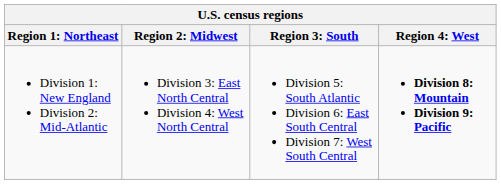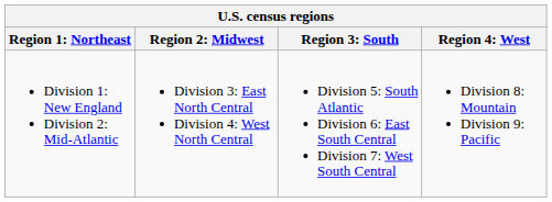 <table class="wikitable">
 <tr>
 <th colspan="4">U.S. census regions</th>
 </tr>
 <tr>
 <th valign="top">Region 1: <a href='#'>Northeast</a></th>
 <th valign="top">Region 2: <a href='#'>Midwest</a></th>
 <th valign="top">Region 3: <a href='#'>South</a></th>
 <th valign="top">Region 4: <a href='#'>West</a></th>
 </tr>
 <tr>
 <td valign="top"><br><ul><li>Division 1: <a href='#'>New England</a></li><li>Division 2: <a href='#'>Mid-Atlantic</a></li></ul></td>
 <td valign="top"><br><ul><li>Division 3: <a href='#'>East North Central</a></li><li>Division 4: <a href='#'>West North Central</a></li></ul></td>
 <td valign="top"><br><ul><li>Division 5: <a href='#'>South Atlantic</a></li><li>Division 6: <a href='#'>East South Central</a></li><li>Division 7: <a href='#'>West South Central</a></li></ul></td>
-<td valign="top"><strong><br><ul><li>Division 8: <a href='#'>Mountain</a></li><li>Division 9: <a href='#'>Pacific</a></li></ul></strong></td>
+<td valign="top"><br><ul><li>Division 8: <a href='#'>Mountain</a></li><li>Division 9: <a href='#'>Pacific</a></li></ul></td>
 </tr>
 </table>
